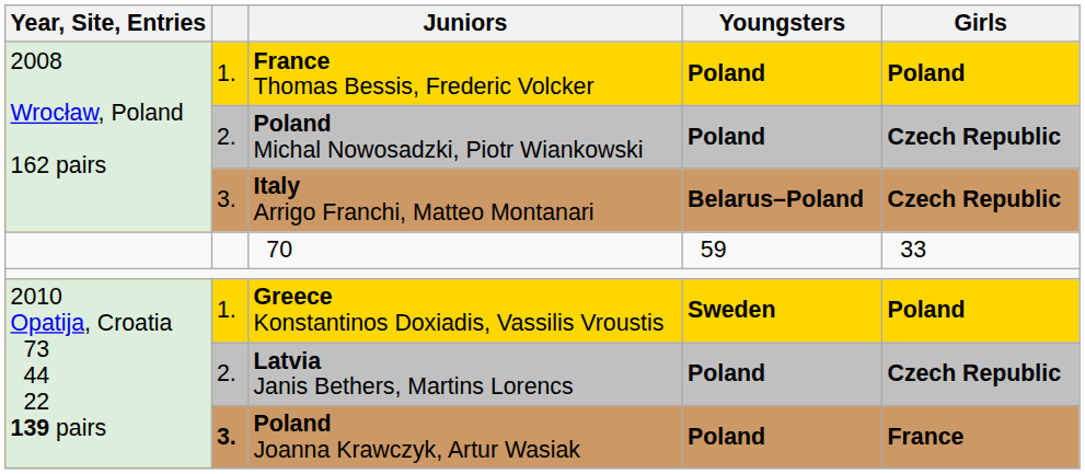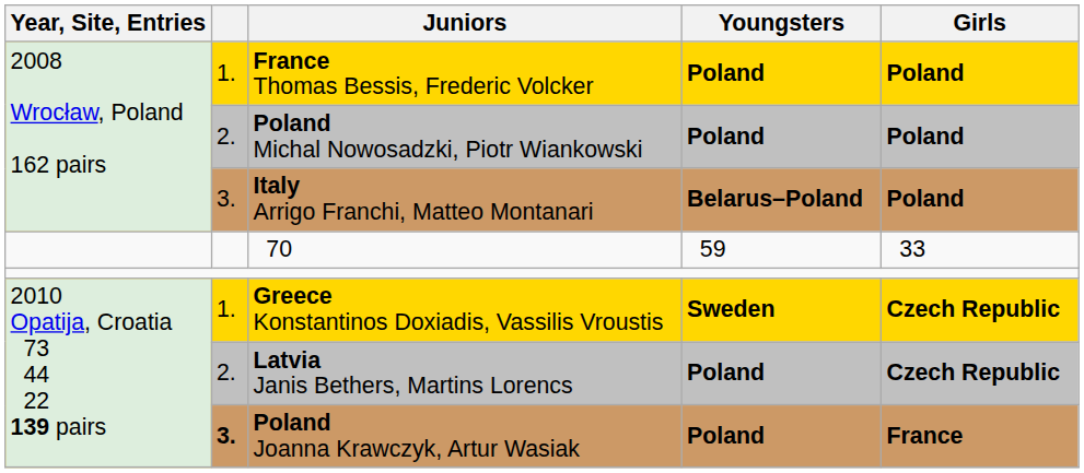 <table class="wikitable">
 <tr>
 <th>Year, Site, Entries</th>
 <th></th>
 <th>Juniors</th>
 <th>Youngsters</th>
 <th>Girls</th>
 </tr>
 <tr bgcolor="gold">
 <td rowspan=3 bgcolor=ddeedd  valign="Top">2008<br><br> <a href='#'>Wrocław</a>, Poland  <br><br>162 pairs</td>
 <td>1. </td>
 <td> <strong>France</strong><br>Thomas Bessis, Frederic Volcker</td>
 <td> <strong>Poland</strong></td>
 <td> <strong>Poland</strong></td>
 </tr>
 <tr bgcolor="silver">
 <td>2.</td>
 <td> <strong>Poland</strong><br>Michal Nowosadzki, Piotr Wiankowski  </td>
 <td> <strong>Poland</strong></td>
-<td> <strong>Czech Republic</strong></td>
+<td> <strong>Poland</strong></td>
 </tr>
 <tr bgcolor="cc9966">
 <td>3.</td>
 <td> <strong>Italy</strong><br>Arrigo Franchi, Matteo Montanari</td>
 <td>  <strong>Belarus–Poland</strong>  </td>
-<td> <strong>Czech Republic</strong>  </td>
+<td> <strong>Poland</strong></td>
 </tr>
 <tr>
 <td></td>
 <td></td>
 <td>  70 </td>
 <td>  59 </td>
 <td>  33 </td>
 </tr>
 <tr>
 <td colspan=5></td>
 </tr>
 <tr bgcolor="gold">
 <td rowspan=3 bgcolor=ddeedd valign="Top">2010<br><a href='#'>Opatija</a>, Croatia <br>  73   <br>  44   <br>  22   <br><strong>139</strong> pairs </td>
 <td>1.</td>
 <td> <strong>Greece</strong><br>Konstantinos Doxiadis, Vassilis Vroustis  </td>
 <td> <strong>Sweden</strong></td>
-<td> <strong>Poland</strong></td>
+<td> <strong>Czech Republic</strong>  </td>
 </tr>
 <tr bgcolor="silver">
 <td>2.</td>
 <td> <strong>Latvia</strong><br>Janis Bethers, Martins Lorencs</td>
 <td> <strong>Poland</strong></td>
 <td> <strong>Czech Republic</strong></td>
 </tr>
 <tr bgcolor="cc9966">
 <td><strong>3.</strong></td>
 <td> <strong>Poland</strong><br>Joanna Krawczyk, Artur Wasiak</td>
 <td> <strong>Poland</strong></td>
 <td> <strong>France</strong></td>
 </tr>
 <tr>
 </tr>
 </table>
